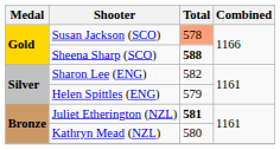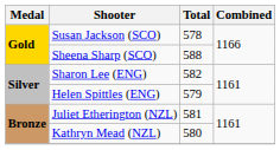 <table class="wikitable">
 <tr>
 <th>Medal</th>
 <th>Shooter</th>
 <th>Total</th>
 <th>Combined</th>
 </tr>
 <tr>
 <td rowspan="2" bgcolor="gold"><strong>Gold</strong></td>
 <td> <a href='#'>Susan Jackson</a> (<a href='#'>SCO</a>)</td>
-<td style="background: lightsalmon;">578</td>
+<td>578</td>
 <td rowspan="2">1166</td>
 </tr>
 <tr>
 <td> <a href='#'>Sheena Sharp</a> (<a href='#'>SCO</a>)</td>
-<td><strong>588</strong></td>
+<td>588</td>
 </tr>
 <tr>
 <td rowspan="2" bgcolor="silver"><strong>Silver</strong></td>
 <td> <a href='#'>Sharon Lee</a> (<a href='#'>ENG</a>)</td>
 <td>582</td>
 <td rowspan="2">1161</td>
 </tr>
 <tr>
 <td> <a href='#'>Helen Spittles</a> (<a href='#'>ENG</a>)</td>
 <td>579</td>
 </tr>
 <tr>
 <td rowspan="2" bgcolor="cc9966"><strong>Bronze</strong></td>
 <td> <a href='#'>Juliet Etherington</a> (<a href='#'>NZL</a>)</td>
-<td><strong>581</strong></td>
+<td>581</td>
 <td rowspan="2">1161</td>
 </tr>
 <tr>
 <td> <a href='#'>Kathryn Mead</a> (<a href='#'>NZL</a>)</td>
 <td>580</td>
 </tr>
 <tr>
 </tr>
 </table>
